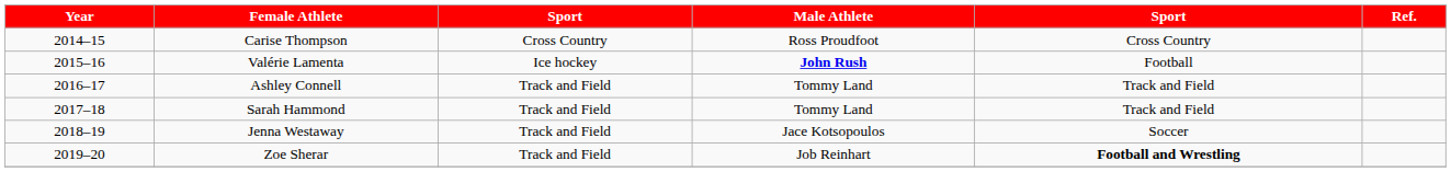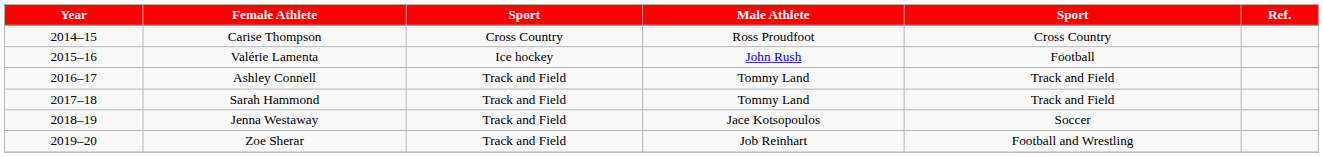 <table class="wikitable" width="100%">
 <tr align="center" style=" background:red;color:#ffffff;">
 <td><strong>Year</strong></td>
 <td><strong>Female Athlete</strong></td>
 <td><strong>Sport</strong></td>
 <td><strong>Male Athlete</strong></td>
 <td><strong>Sport</strong></td>
 <td><strong>Ref.</strong></td>
 </tr>
 <tr align="center" bgcolor="">
 <td>2014–15</td>
 <td>Carise Thompson</td>
 <td>Cross Country</td>
 <td>Ross Proudfoot</td>
 <td>Cross Country</td>
 <td></td>
 </tr>
 <tr align="center" bgcolor="">
 <td>2015–16</td>
 <td>Valérie Lamenta</td>
 <td>Ice hockey</td>
-<td><strong><a href='#'>John Rush</a></strong></td>
+<td><a href='#'>John Rush</a></td>
 <td>Football</td>
 <td></td>
 </tr>
 <tr align="center" bgcolor="">
 <td>2016–17</td>
 <td>Ashley Connell</td>
 <td>Track and Field</td>
 <td>Tommy Land</td>
 <td>Track and Field</td>
 <td></td>
 </tr>
 <tr align="center" bgcolor="">
 <td>2017–18</td>
 <td>Sarah Hammond</td>
 <td>Track and Field</td>
 <td>Tommy Land</td>
 <td>Track and Field</td>
 <td></td>
 </tr>
 <tr align="center" bgcolor="">
 <td>2018–19</td>
 <td>Jenna Westaway</td>
 <td>Track and Field</td>
 <td>Jace Kotsopoulos</td>
 <td>Soccer</td>
 <td></td>
 </tr>
 <tr align="center" bgcolor="">
 <td>2019–20</td>
 <td>Zoe Sherar</td>
 <td>Track and Field</td>
 <td>Job Reinhart</td>
-<td><strong>Football and Wrestling</strong></td>
+<td>Football and Wrestling</td>
 <td></td>
 </tr>
 <tr align="center" bgcolor="">
 </tr>
 </table>
